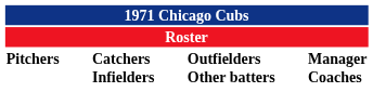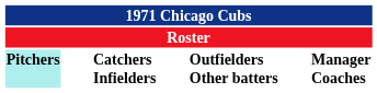 <table class="toccolours" style="font-size: 95%;">
 <tr>
 <th colspan="10" style="background-color: #0e3386; color: white; text-align: center;">1971 Chicago Cubs</th>
 </tr>
 <tr>
 <td colspan="10" style="background-color: #EE1422; color: white; text-align: center;"><strong>Roster</strong></td>
 </tr>
 <tr>
-<td valign="top"><strong>Pitchers</strong><br>              </td>
+<td valign="top" style="background: paleturquoise;"><strong>Pitchers</strong><br>              </td>
 <td width="25px"></td>
 <td valign="top"><strong>Catchers</strong><br>      <strong>Infielders</strong>           </td>
 <td width="25px"></td>
 <td valign="top"><strong>Outfielders</strong><br>         <strong>Other batters</strong> </td>
 <td width="25px"></td>
 <td valign="top"><strong>Manager</strong><br> <strong>Coaches</strong>    </td>
 </tr>
 <tr>
 </tr>
 </table>
